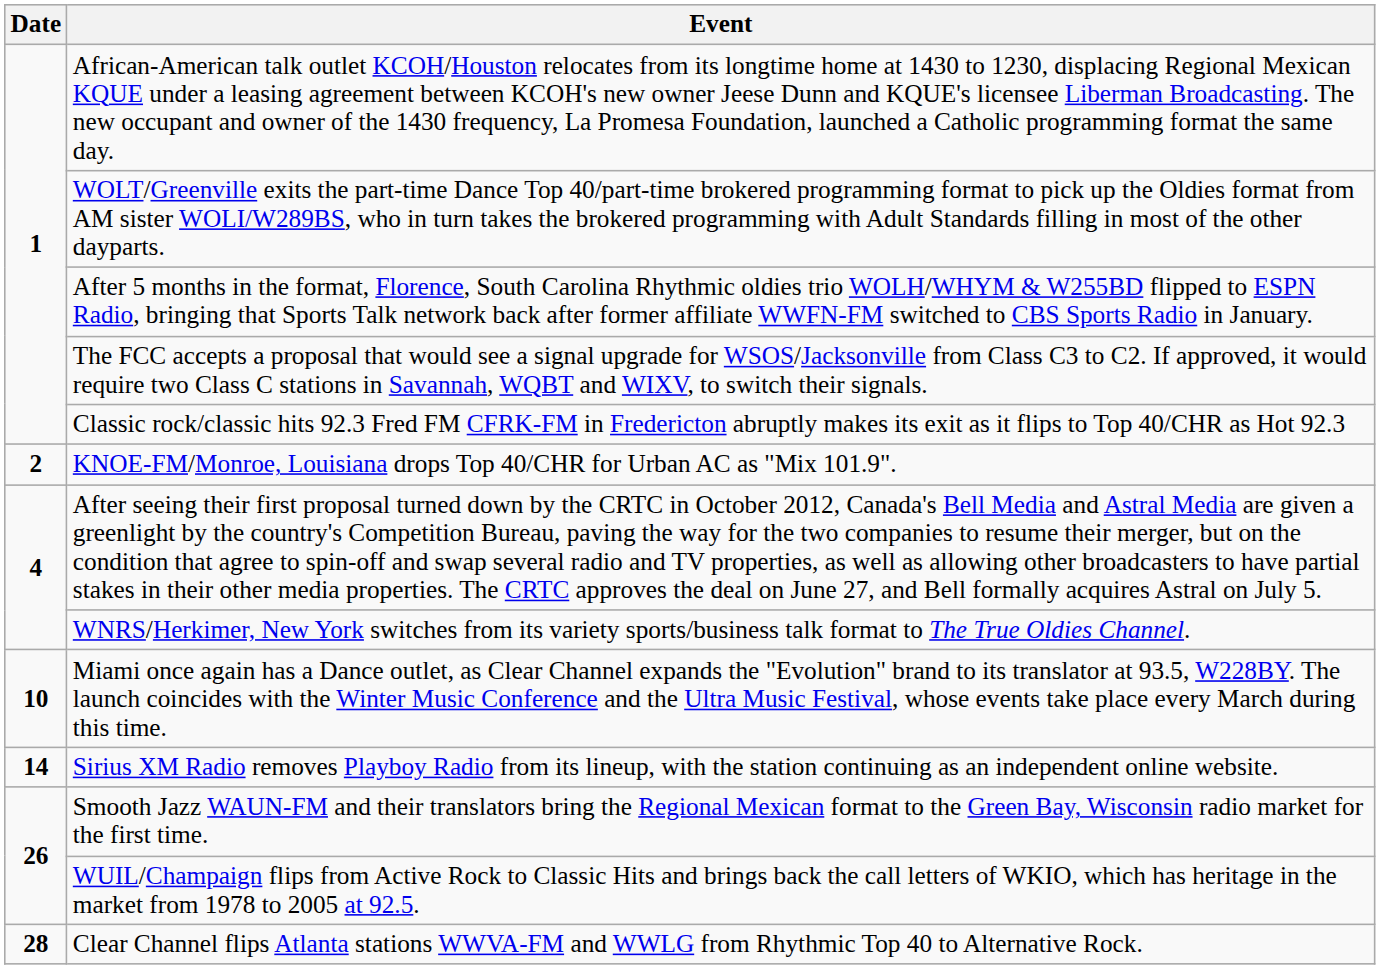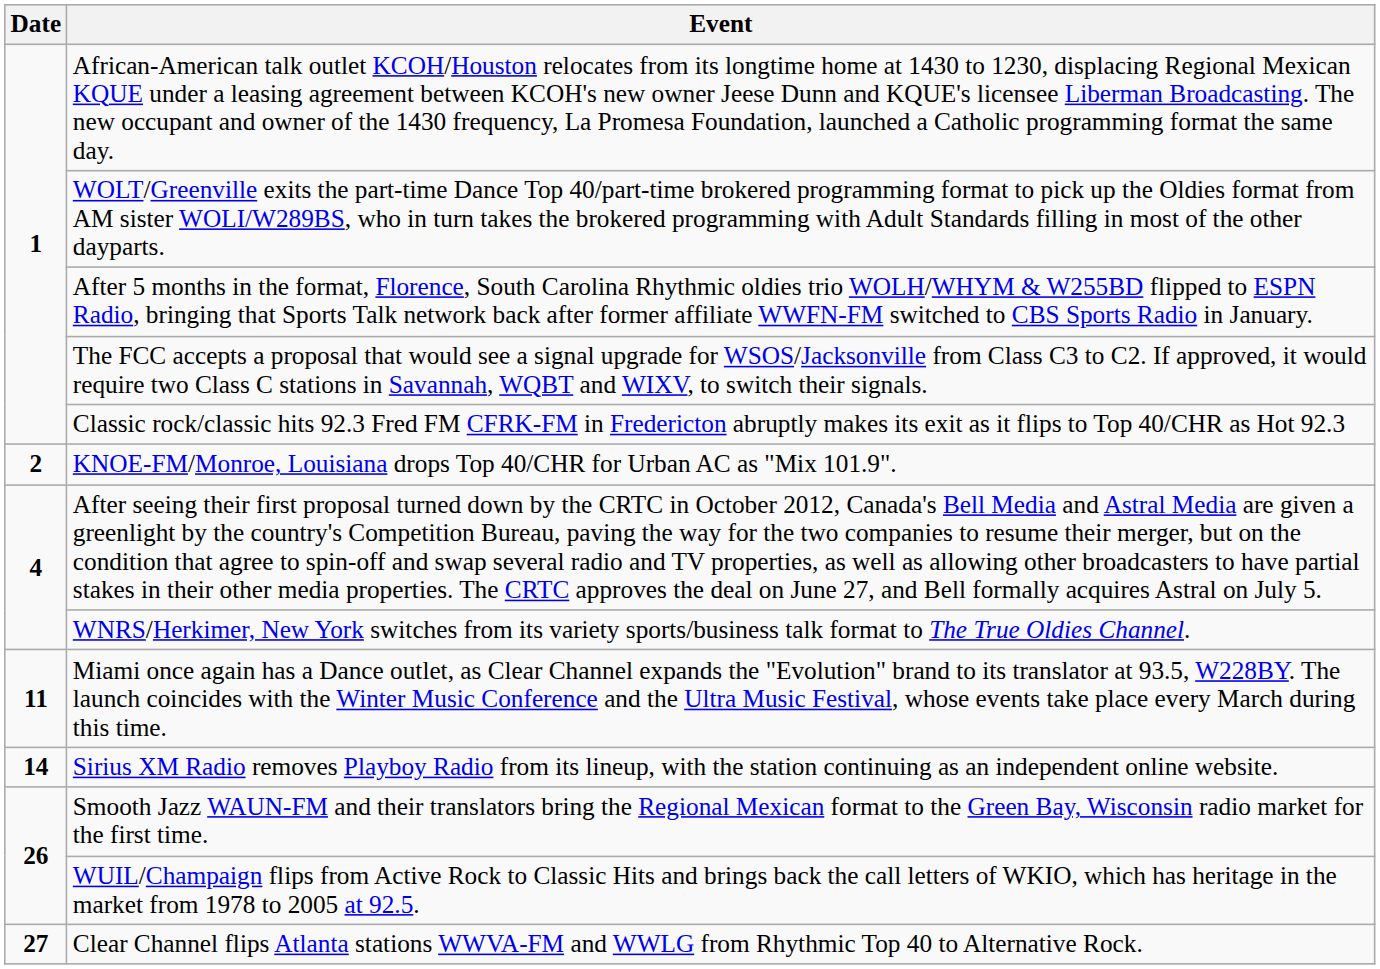 <table class="wikitable">
 <tr>
 <th>Date</th>
 <th>Event</th>
 </tr>
 <tr>
 <td style="text-align:center;" rowspan="5"><strong>1</strong></td>
 <td>African-American talk outlet <a href='#'>KCOH</a>/<a href='#'>Houston</a> relocates from its longtime home at 1430 to 1230, displacing Regional Mexican <a href='#'>KQUE</a> under a leasing agreement between KCOH's new owner Jeese Dunn and KQUE's licensee <a href='#'>Liberman Broadcasting</a>. The new occupant and owner of the 1430 frequency, La Promesa Foundation, launched a Catholic programming format the same day.</td>
 </tr>
 <tr>
 <td><a href='#'>WOLT</a>/<a href='#'>Greenville</a> exits the part-time Dance Top 40/part-time brokered programming format to pick up the Oldies format from AM sister <a href='#'>WOLI/W289BS</a>, who in turn takes the brokered programming with Adult Standards filling in most of the other dayparts.</td>
 </tr>
 <tr>
 <td>After 5 months in the format, <a href='#'>Florence</a>, South Carolina Rhythmic oldies trio <a href='#'>WOLH</a>/<a href='#'>WHYM & W255BD</a> flipped to <a href='#'>ESPN Radio</a>, bringing that Sports Talk network back after former affiliate <a href='#'>WWFN-FM</a> switched to <a href='#'>CBS Sports Radio</a> in January.</td>
 </tr>
 <tr>
 <td>The FCC accepts a proposal that would see a signal upgrade for <a href='#'>WSOS</a>/<a href='#'>Jacksonville</a> from Class C3 to C2. If approved, it would require two Class C stations in <a href='#'>Savannah</a>, <a href='#'>WQBT</a> and <a href='#'>WIXV</a>, to switch their signals.</td>
 </tr>
 <tr>
 <td>Classic rock/classic hits 92.3 Fred FM <a href='#'>CFRK-FM</a> in <a href='#'>Fredericton</a> abruptly makes its exit as it flips to Top 40/CHR as Hot 92.3</td>
 </tr>
 <tr>
 <td style="text-align:center;"><strong>2</strong></td>
 <td><a href='#'>KNOE-FM</a>/<a href='#'>Monroe, Louisiana</a> drops Top 40/CHR for Urban AC as "Mix 101.9".</td>
 </tr>
 <tr>
 <td style="text-align:center;" rowspan=2><strong>4</strong></td>
 <td>After seeing their first proposal turned down by the CRTC in October 2012, Canada's <a href='#'>Bell Media</a> and <a href='#'>Astral Media</a> are given a greenlight by the country's Competition Bureau, paving the way for the two companies to resume their merger, but on the condition that agree to spin-off and swap several radio and TV properties, as well as allowing other broadcasters to have partial stakes in their other media properties. The <a href='#'>CRTC</a> approves the deal on June 27, and Bell formally acquires Astral on July 5.</td>
 </tr>
 <tr>
 <td><a href='#'>WNRS</a>/<a href='#'>Herkimer, New York</a> switches from its variety sports/business talk format to <em><a href='#'>The True Oldies Channel</a></em>.</td>
 </tr>
 <tr>
-<td style="text-align:center;"><strong>10</strong></td>
+<td style="text-align:center;"><strong>11</strong></td>
 <td>Miami once again has a Dance outlet, as Clear Channel expands the "Evolution" brand to its translator at 93.5, <a href='#'>W228BY</a>. The launch coincides with the <a href='#'>Winter Music Conference</a> and the <a href='#'>Ultra Music Festival</a>, whose events take place every March during this time.</td>
 </tr>
 <tr>
 <td style="text-align:center;"><strong>14</strong></td>
 <td><a href='#'>Sirius XM Radio</a> removes <a href='#'>Playboy Radio</a> from its lineup, with the station continuing as an independent online website.</td>
 </tr>
 <tr>
 <td style="text-align:center;" rowspan=2><strong>26</strong></td>
 <td>Smooth Jazz <a href='#'>WAUN-FM</a> and their translators bring the <a href='#'>Regional Mexican</a> format to the <a href='#'>Green Bay, Wisconsin</a> radio market for the first time.</td>
 </tr>
 <tr>
 <td><a href='#'>WUIL</a>/<a href='#'>Champaign</a> flips from Active Rock to Classic Hits and brings back the call letters of WKIO, which has heritage in the market from 1978 to 2005 <a href='#'>at 92.5</a>.</td>
 </tr>
 <tr>
-<td style="text-align:center;"><strong>28</strong></td>
+<td style="text-align:center;"><strong>27</strong></td>
 <td>Clear Channel flips <a href='#'>Atlanta</a> stations <a href='#'>WWVA-FM</a> and <a href='#'>WWLG</a> from Rhythmic Top 40 to Alternative Rock.</td>
 </tr>
 </table>
